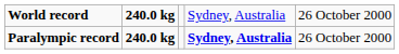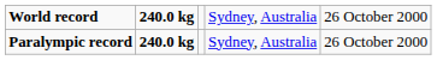 <table class="wikitable">
 <tr>
 <td><strong>World record</strong></td>
 <td><strong>240.0 kg</strong></td>
 <td></td>
 <td><a href='#'>Sydney</a>, <a href='#'>Australia</a></td>
 <td>26 October 2000</td>
 </tr>
 <tr>
 <td><strong>Paralympic record</strong></td>
 <td><strong>240.0 kg</strong></td>
 <td></td>
-<td><strong><a href='#'>Sydney</a>, <a href='#'>Australia</a></strong></td>
+<td><a href='#'>Sydney</a>, <a href='#'>Australia</a></td>
 <td>26 October 2000</td>
 </tr>
 </table>
